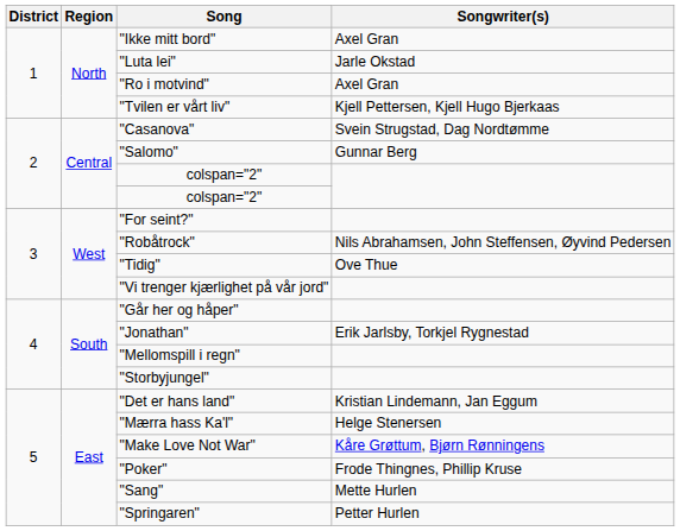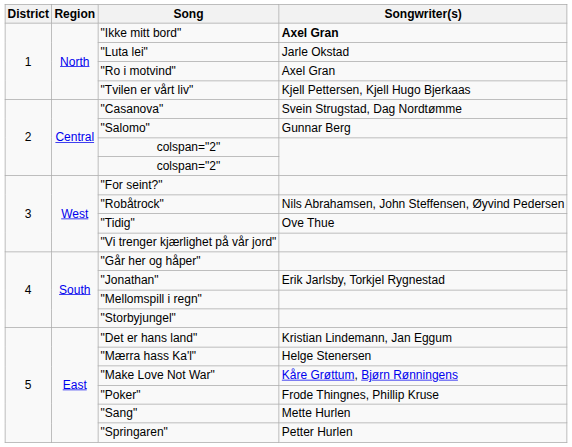 <table class="wikitable" style="margin: 1em auto 1em auto; text-align:center">
 <tr>
 <th>District</th>
 <th>Region</th>
 <th>Song</th>
 <th>Songwriter(s)</th>
 </tr>
 <tr>
 <td rowspan="4">1</td>
 <td rowspan="4"><a href='#'>North</a></td>
 <td align="left">"Ikke mitt bord"</td>
-<td align="left">Axel Gran</td>
+<td align="left"><strong>Axel Gran</strong></td>
 </tr>
 <tr>
 <td align="left">"Luta lei"</td>
 <td align="left">Jarle Okstad</td>
 </tr>
 <tr>
 <td align="left">"Ro i motvind"</td>
 <td align="left">Axel Gran</td>
 </tr>
 <tr>
 <td align="left">"Tvilen er vårt liv"</td>
 <td align="left">Kjell Pettersen, Kjell Hugo Bjerkaas</td>
 </tr>
 <tr>
 <td rowspan="4">2</td>
 <td rowspan="4"><a href='#'>Central</a></td>
 <td align="left">"Casanova"</td>
 <td align="left">Svein Strugstad, Dag Nordtømme</td>
 </tr>
 <tr>
 <td align="left">"Salomo"</td>
 <td align="left">Gunnar Berg</td>
 </tr>
 <tr>
 <td>colspan="2" </td>
 </tr>
 <tr>
 <td>colspan="2" </td>
 </tr>
 <tr>
 <td rowspan="4">3</td>
 <td rowspan="4"><a href='#'>West</a></td>
 <td align="left">"For seint?"</td>
 <td></td>
 </tr>
 <tr>
 <td align="left">"Robåtrock"</td>
 <td align="left">Nils Abrahamsen, John Steffensen, Øyvind Pedersen</td>
 </tr>
 <tr>
 <td align="left">"Tidig"</td>
 <td align="left">Ove Thue</td>
 </tr>
 <tr>
 <td align="left">"Vi trenger kjærlighet på vår jord"</td>
 <td></td>
 </tr>
 <tr>
 <td rowspan="4">4</td>
 <td rowspan="4"><a href='#'>South</a></td>
 <td align="left">"Går her og håper"</td>
 <td></td>
 </tr>
 <tr>
 <td align="left">"Jonathan"</td>
 <td align="left">Erik Jarlsby, Torkjel Rygnestad</td>
 </tr>
 <tr>
 <td align="left">"Mellomspill i regn"</td>
 <td></td>
 </tr>
 <tr>
 <td align="left">"Storbyjungel"</td>
 <td></td>
 </tr>
 <tr>
 <td rowspan="6">5</td>
 <td rowspan="6"><a href='#'>East</a></td>
 <td align="left">"Det er hans land"</td>
 <td align="left">Kristian Lindemann, Jan Eggum</td>
 </tr>
 <tr>
 <td align="left">"Mærra hass Ka'l"</td>
 <td align="left">Helge Stenersen</td>
 </tr>
 <tr>
 <td align="left">"Make Love Not War"</td>
 <td align="left"><a href='#'>Kåre Grøttum</a>, <a href='#'>Bjørn Rønningens</a></td>
 </tr>
 <tr>
 <td align="left">"Poker"</td>
 <td align="left">Frode Thingnes, Phillip Kruse</td>
 </tr>
 <tr>
 <td align="left">"Sang"</td>
 <td align="left">Mette Hurlen</td>
 </tr>
 <tr>
 <td align="left">"Springaren"</td>
 <td align="left">Petter Hurlen</td>
 </tr>
 </table>
